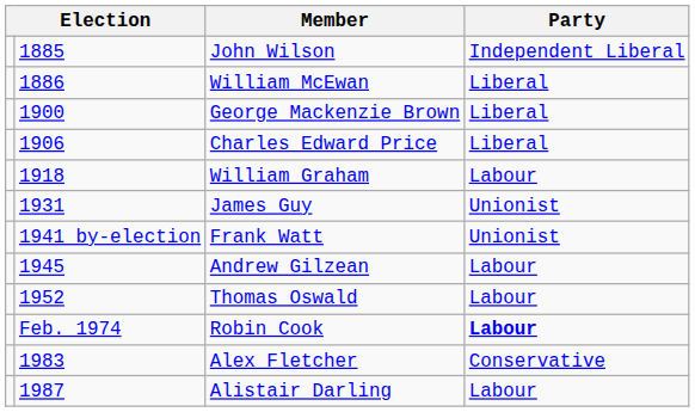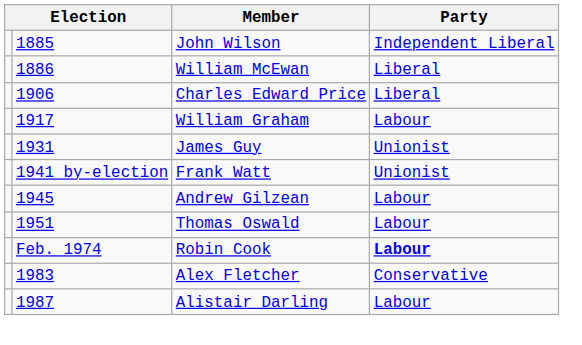 <table class="wikitable">
 <tr>
 <th colspan="2">Election</th>
 <th>Member</th>
 <th>Party</th>
 </tr>
 <tr>
 <td style="color:inherit;background-color: "></td>
 <td><a href='#'>1885</a></td>
 <td><a href='#'>John Wilson</a></td>
 <td><a href='#'>Independent Liberal</a></td>
 </tr>
 <tr>
 <td style="color:inherit;background-color: "></td>
 <td><a href='#'>1886</a></td>
 <td><a href='#'>William McEwan</a></td>
 <td><a href='#'>Liberal</a></td>
 </tr>
 <tr>
 <td style="color:inherit;background-color: "></td>
-<td><a href='#'>1900</a></td>
-<td><a href='#'>George Mackenzie Brown</a></td>
-<td><a href='#'>Liberal</a></td>
-</tr>
-<tr>
-<td style="color:inherit;background-color: "></td>
 <td><a href='#'>1906</a></td>
 <td><a href='#'>Charles Edward Price</a></td>
 <td><a href='#'>Liberal</a></td>
 </tr>
 <tr>
 <td style="color:inherit;background-color: "></td>
-<td><a href='#'>1918</a></td>
+<td><a href='#'>1917</a></td>
 <td><a href='#'>William Graham</a></td>
 <td><a href='#'>Labour</a></td>
 </tr>
 <tr>
 <td style="color:inherit;background-color: "></td>
 <td><a href='#'>1931</a></td>
 <td><a href='#'>James Guy</a></td>
 <td><a href='#'>Unionist</a></td>
 </tr>
 <tr>
 <td style="color:inherit;background-color: "></td>
 <td><a href='#'>1941 by-election</a></td>
 <td><a href='#'>Frank Watt</a></td>
 <td><a href='#'>Unionist</a></td>
 </tr>
 <tr>
 <td style="color:inherit;background-color: "></td>
 <td><a href='#'>1945</a></td>
 <td><a href='#'>Andrew Gilzean</a></td>
 <td><a href='#'>Labour</a></td>
 </tr>
 <tr>
 <td style="color:inherit;background-color: "></td>
-<td><a href='#'>1952</a></td>
+<td><a href='#'>1951</a></td>
 <td><a href='#'>Thomas Oswald</a></td>
 <td><a href='#'>Labour</a></td>
 </tr>
 <tr>
 <td style="color:inherit;background-color: "></td>
 <td><a href='#'>Feb. 1974</a></td>
 <td><a href='#'>Robin Cook</a></td>
 <td><strong><a href='#'>Labour</a></strong></td>
 </tr>
 <tr>
 <td style="color:inherit;background-color: "></td>
 <td><a href='#'>1983</a></td>
 <td><a href='#'>Alex Fletcher</a></td>
 <td><a href='#'>Conservative</a></td>
 </tr>
 <tr>
 <td style="color:inherit;background-color: "></td>
 <td><a href='#'>1987</a></td>
 <td><a href='#'>Alistair Darling</a></td>
 <td><a href='#'>Labour</a></td>
 </tr>
 </table>
